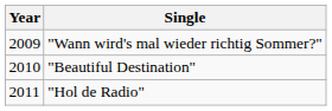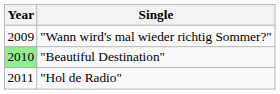 <table class="wikitable">
 <tr>
 <th>Year</th>
 <th>Single</th>
 </tr>
 <tr>
 <td>2009</td>
 <td>"Wann wird's mal wieder richtig Sommer?"</td>
 </tr>
 <tr>
-<td>2010</td>
+<td style="background: lightgreen;">2010</td>
 <td>"Beautiful Destination"</td>
 </tr>
 <tr>
 <td>2011</td>
 <td>"Hol de Radio"</td>
 </tr>
 </table>
